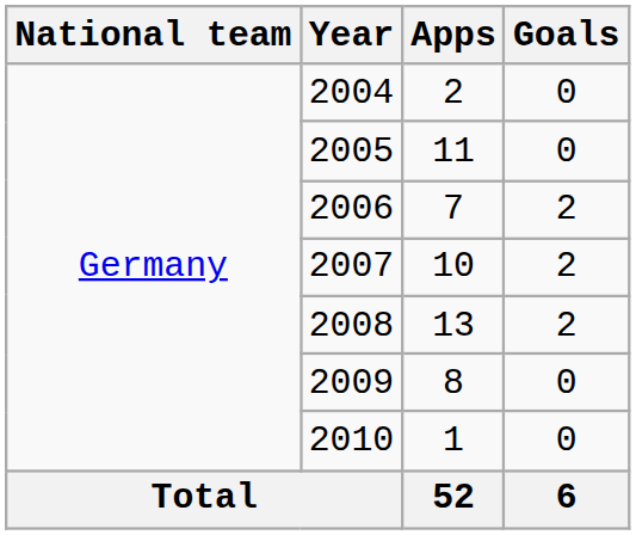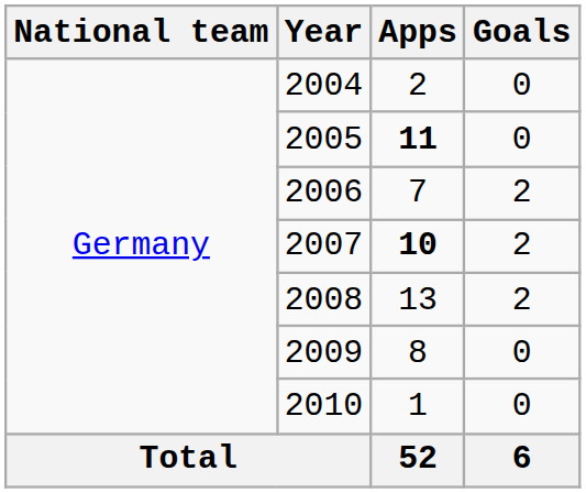 <table class="wikitable" style="text-align:center">
 <tr>
 <th>National team</th>
 <th>Year</th>
 <th>Apps</th>
 <th>Goals</th>
 </tr>
 <tr>
 <td rowspan="7"><a href='#'>Germany</a></td>
 <td>2004</td>
 <td>2</td>
 <td>0</td>
 </tr>
 <tr>
 <td>2005</td>
-<td>11</td>
+<td><strong>11</strong></td>
 <td>0</td>
 </tr>
 <tr>
 <td>2006</td>
 <td>7</td>
 <td>2</td>
 </tr>
 <tr>
 <td>2007</td>
-<td>10</td>
+<td><strong>10</strong></td>
 <td>2</td>
 </tr>
 <tr>
 <td>2008</td>
 <td>13</td>
 <td>2</td>
 </tr>
 <tr>
 <td>2009</td>
 <td>8</td>
 <td>0</td>
 </tr>
 <tr>
 <td>2010</td>
 <td>1</td>
 <td>0</td>
 </tr>
 <tr>
 <th colspan="2">Total</th>
 <th>52</th>
 <th>6</th>
 </tr>
 </table>
